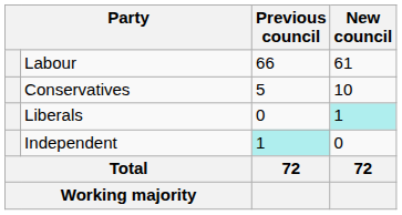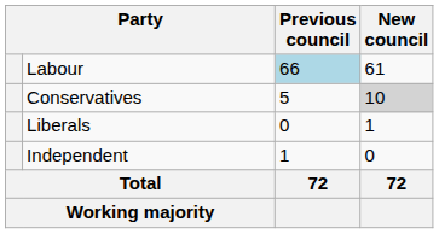 <table class="wikitable">
 <tr>
 <th valign=top colspan="2" style="width: 230px">Party</th>
 <th valign=top style="width: 30px">Previous council</th>
 <th valign=top style="width: 30px">New council</th>
 </tr>
 <tr>
 <th style="background-color: "></th>
 <td>Labour</td>
-<td>66</td>
+<td style="background: lightblue;">66</td>
 <td>61</td>
 </tr>
 <tr>
 <th style="background-color: "></th>
 <td>Conservatives</td>
 <td>5</td>
-<td>10</td>
+<td style="background: lightgrey;">10</td>
 </tr>
 <tr>
 <th style="background-color: "></th>
 <td>Liberals</td>
 <td>0</td>
-<td style="background: paleturquoise;">1</td>
+<td>1</td>
 </tr>
 <tr>
 <th style="background-color: "></th>
 <td>Independent</td>
-<td style="background: paleturquoise;">1</td>
+<td>1</td>
 <td>0</td>
 </tr>
 <tr>
 <th colspan=2>Total</th>
 <th style="text-align: center">72</th>
 <th colspan=3>72</th>
 </tr>
 <tr>
 <th colspan=2>Working majority</th>
 <th></th>
 <th></th>
 </tr>
 </table>
